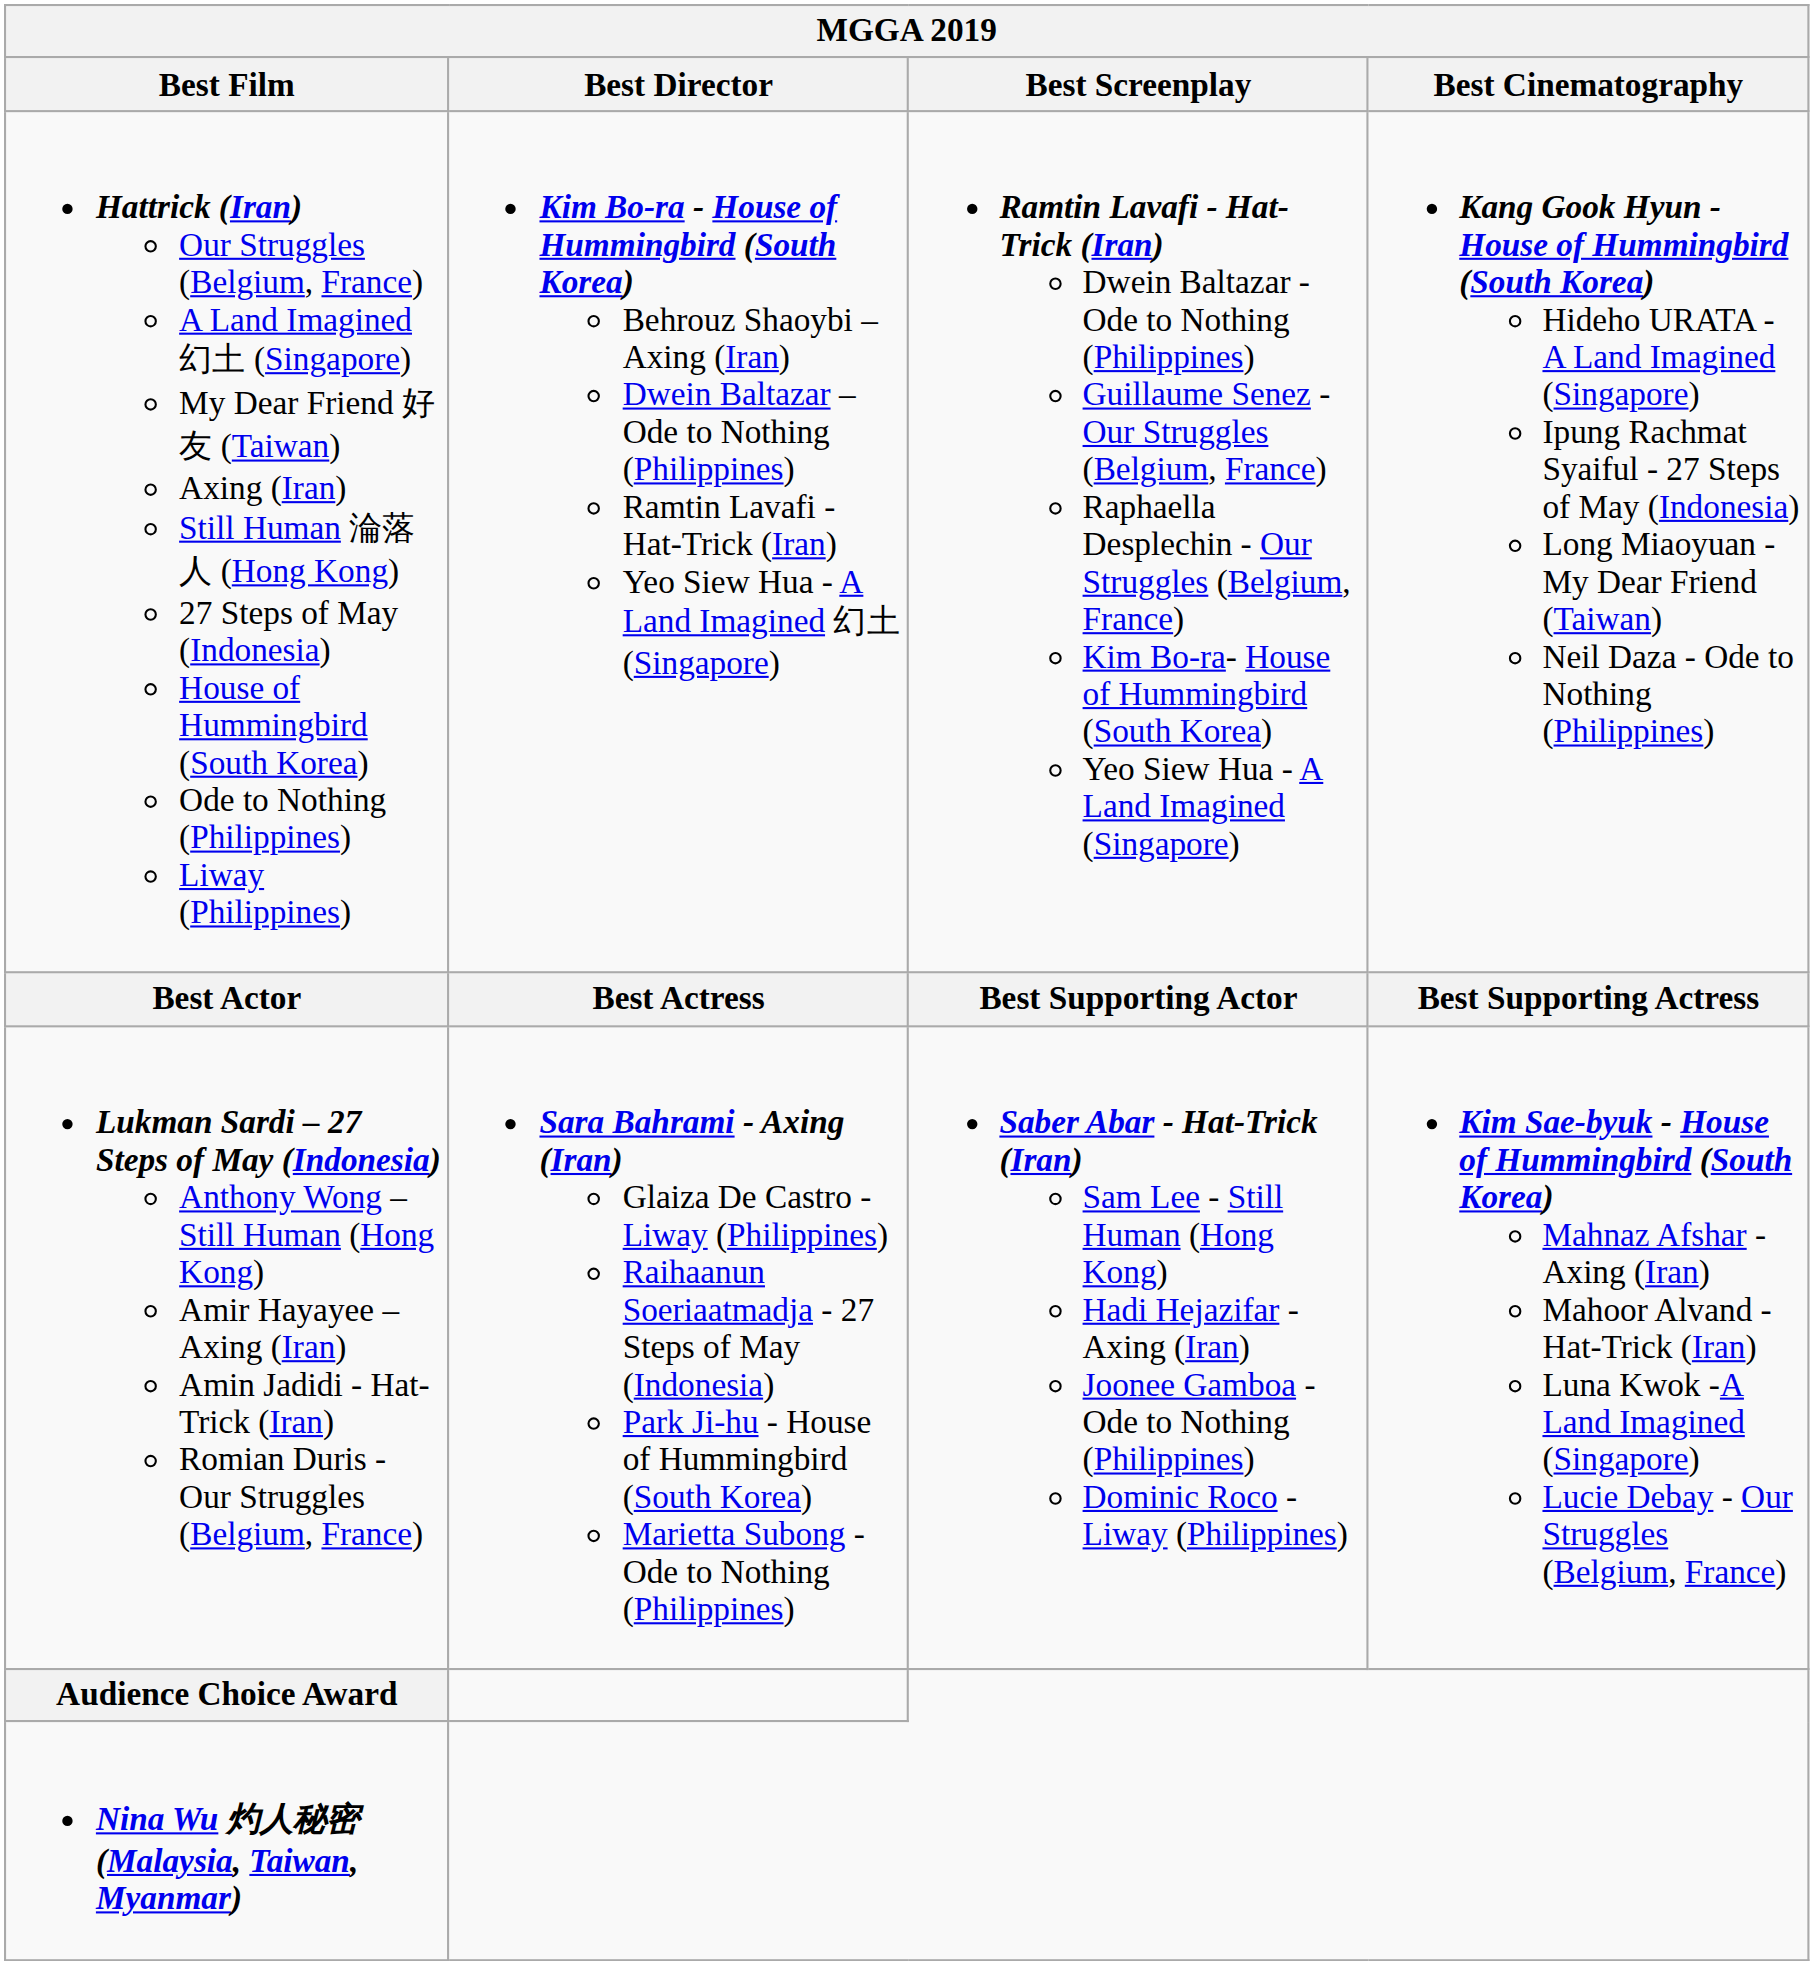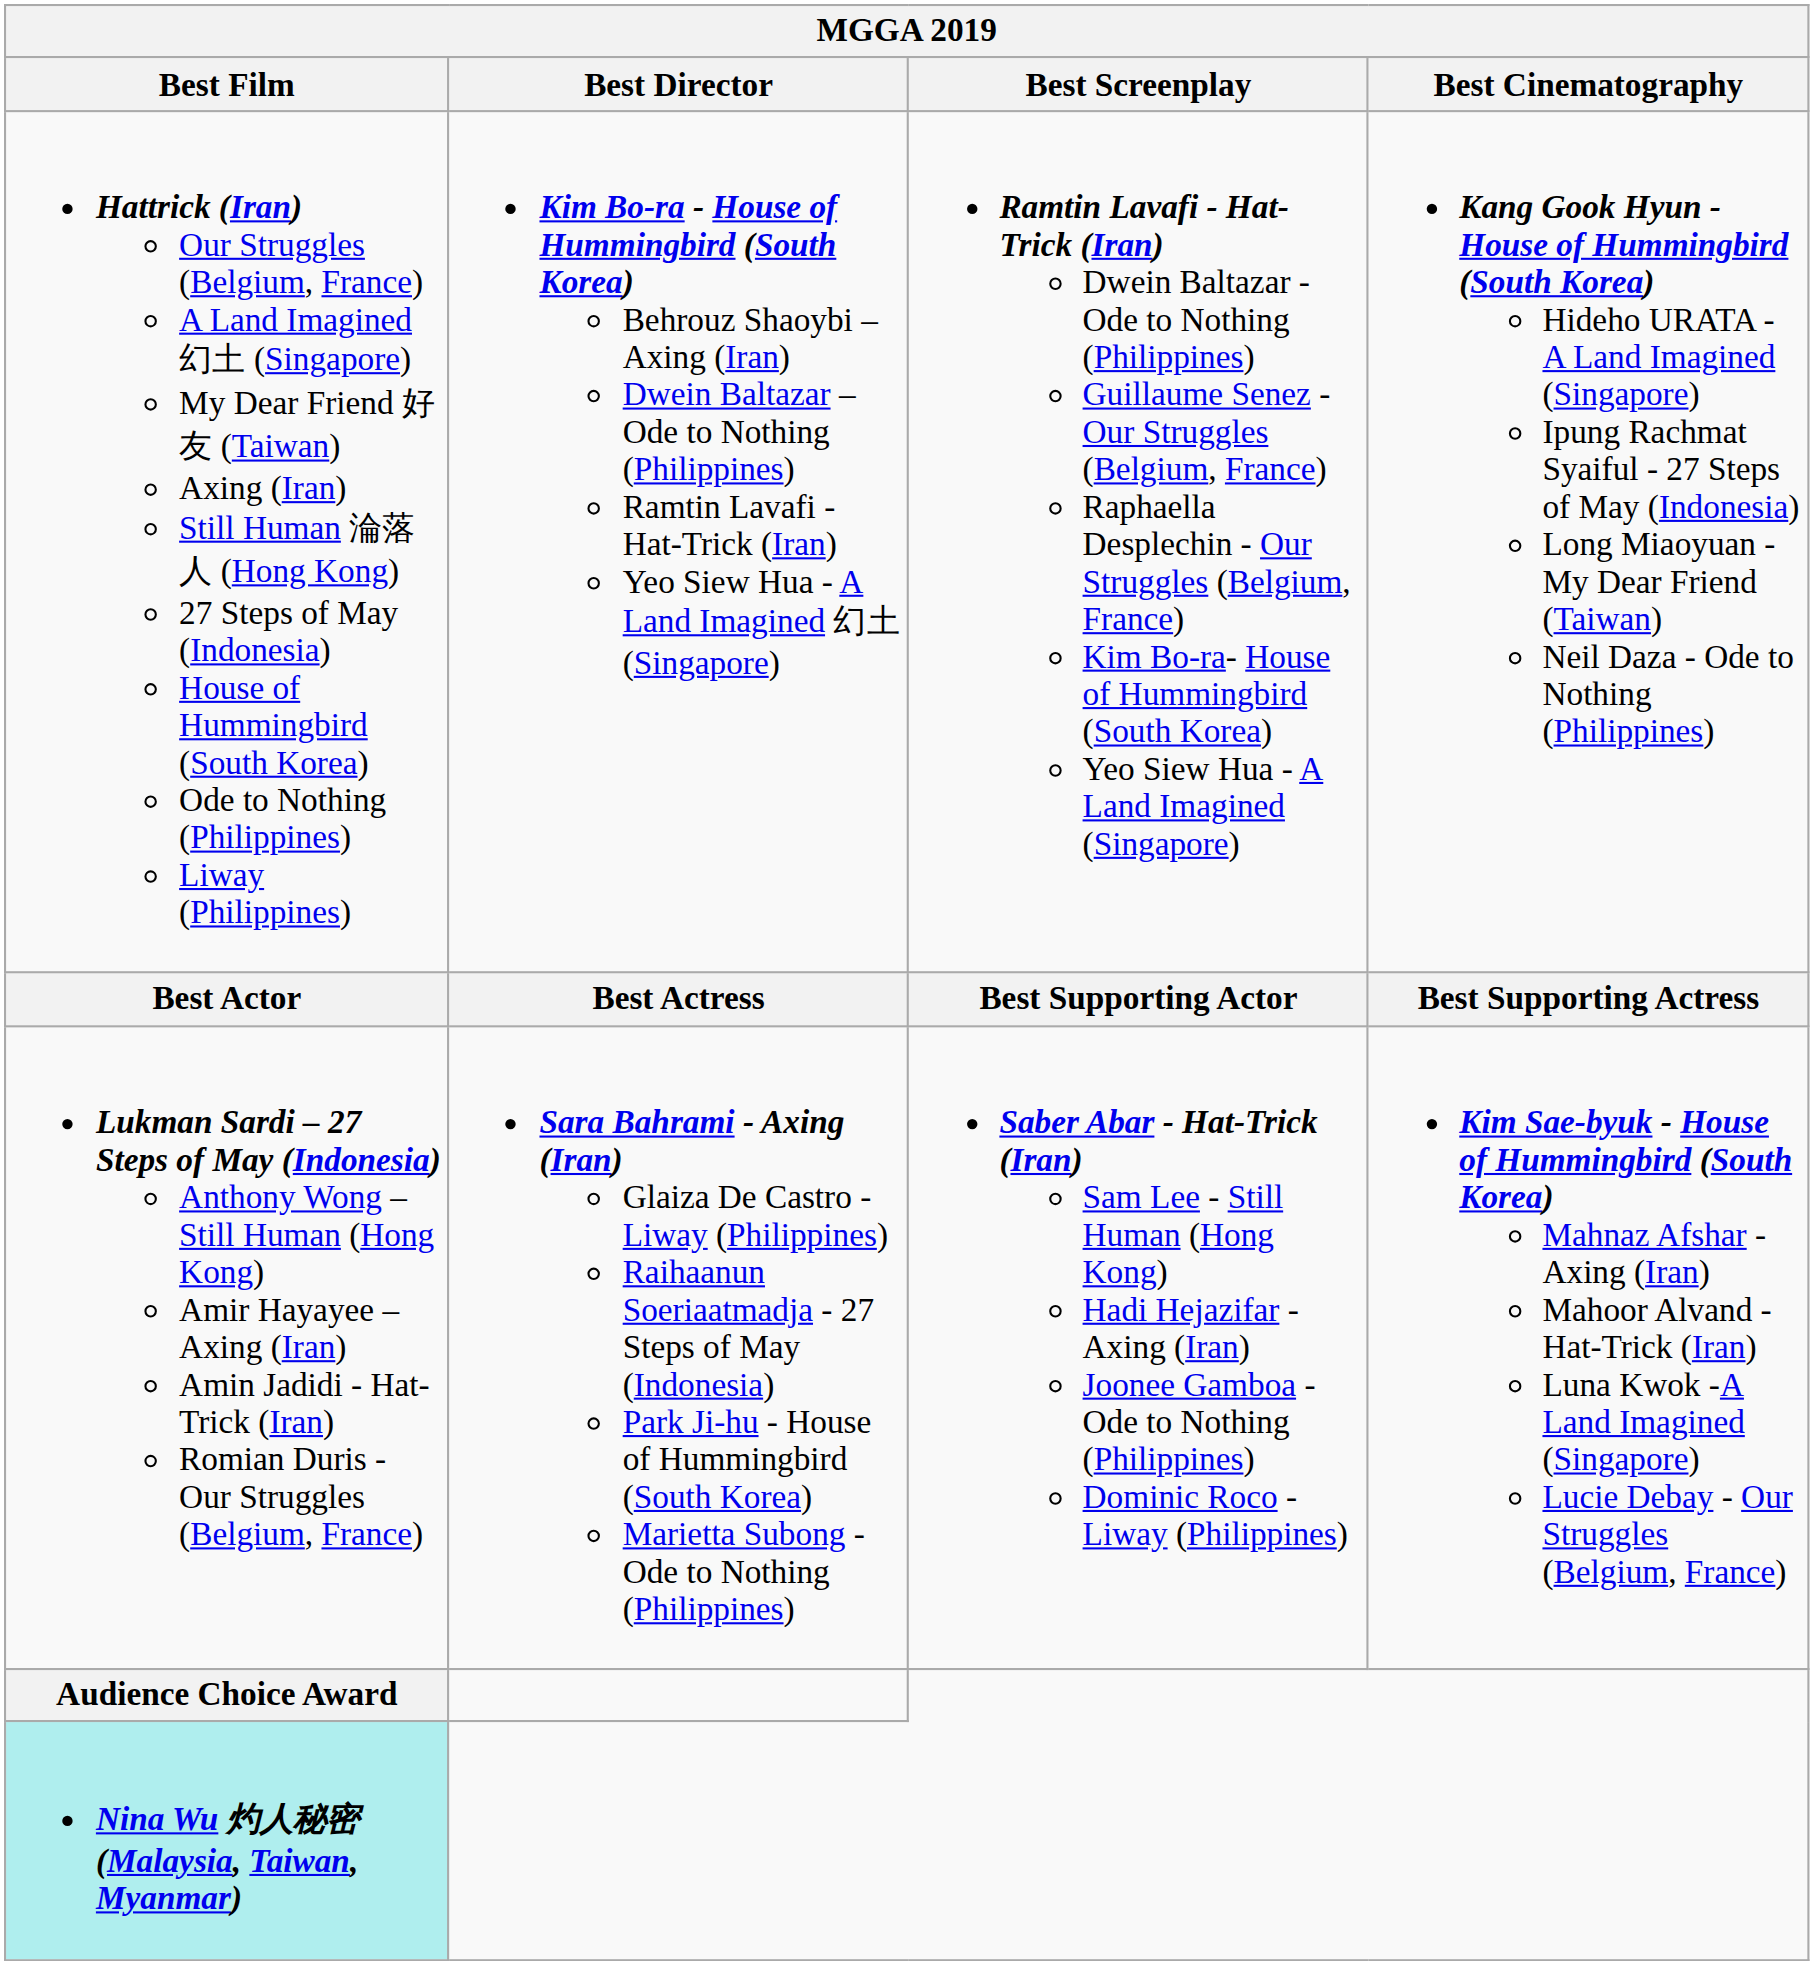 <table class=wikitable style="width=100%">
 <tr>
 <th colspan=4>MGGA 2019</th>
 </tr>
 <tr>
 <th style="width=50%">Best Film</th>
 <th style="width=50%">Best Director</th>
 <th style="width=50%">Best Screenplay</th>
 <th style="width=50%">Best Cinematography</th>
 </tr>
 <tr>
 <td valign="top"><br><ul><li><strong><em>Hattrick (<a href='#'>Iran</a>)</em></strong><ul><li><a href='#'>Our Struggles</a> (<a href='#'>Belgium</a>, <a href='#'>France</a>)</li><li><a href='#'>A Land Imagined</a> 幻土 (<a href='#'>Singapore</a>)</li><li>My Dear Friend 好友 (<a href='#'>Taiwan</a>)</li><li>Axing (<a href='#'>Iran</a>)</li><li><a href='#'>Still Human</a> 淪落人 (<a href='#'>Hong Kong</a>)</li><li>27 Steps of May (<a href='#'>Indonesia</a>)</li><li><a href='#'>House of Hummingbird</a> (<a href='#'>South Korea</a>)</li><li>Ode to Nothing (<a href='#'>Philippines</a>)</li><li><a href='#'>Liway</a> (<a href='#'>Philippines</a>)</li></ul></li></ul></td>
 <td valign="top"><br><ul><li><strong><em><a href='#'>Kim Bo-ra</a> - <a href='#'>House of Hummingbird</a> (<a href='#'>South Korea</a>)</em></strong><ul><li>Behrouz Shaoybi – Axing (<a href='#'>Iran</a>)</li><li><a href='#'>Dwein Baltazar</a> – Ode to Nothing (<a href='#'>Philippines</a>)</li><li>Ramtin Lavafi - Hat-Trick (<a href='#'>Iran</a>)</li><li>Yeo Siew Hua - <a href='#'>A Land Imagined</a> 幻土 (<a href='#'>Singapore</a>)</li></ul></li></ul></td>
 <td valign="top"><br><ul><li><strong><em>Ramtin Lavafi - Hat-Trick (<a href='#'>Iran</a>)</em></strong><ul><li>Dwein Baltazar - Ode to Nothing (<a href='#'>Philippines</a>)</li><li><a href='#'>Guillaume Senez</a> - <a href='#'>Our Struggles</a> (<a href='#'>Belgium</a>, <a href='#'>France</a>)</li><li>Raphaella Desplechin - <a href='#'>Our Struggles</a> (<a href='#'>Belgium</a>, <a href='#'>France</a>)</li><li><a href='#'>Kim Bo-ra</a>-  <a href='#'>House of Hummingbird</a>  (<a href='#'>South Korea</a>)</li><li>Yeo Siew Hua - <a href='#'>A Land Imagined</a> (<a href='#'>Singapore</a>)</li></ul></li></ul></td>
 <td valign="top"><br><ul><li><strong><em> Kang Gook Hyun - <a href='#'>House of Hummingbird</a> (<a href='#'>South Korea</a>)</em></strong><ul><li>Hideho URATA - <a href='#'>A Land Imagined</a> (<a href='#'>Singapore</a>)</li><li>Ipung Rachmat Syaiful - 27 Steps of May (<a href='#'>Indonesia</a>)</li><li>Long Miaoyuan - My Dear Friend (<a href='#'>Taiwan</a>)</li><li>Neil Daza - Ode to Nothing (<a href='#'>Philippines</a>)</li></ul></li></ul></td>
 </tr>
 <tr>
 <th style="width=50%">Best Actor</th>
 <th style="width=50%">Best Actress</th>
 <th style="width=50%">Best Supporting Actor</th>
 <th style="width=50%">Best Supporting Actress</th>
 </tr>
 <tr>
 <td valign="top"><br><ul><li><strong><em>Lukman Sardi – 27 Steps of May (<a href='#'>Indonesia</a>)</em></strong><ul><li><a href='#'>Anthony Wong</a> – <a href='#'>Still Human</a> (<a href='#'>Hong Kong</a>)</li><li>Amir Hayayee – Axing (<a href='#'>Iran</a>)</li><li>Amin Jadidi - Hat-Trick (<a href='#'>Iran</a>)</li><li>Romian Duris - Our Struggles (<a href='#'>Belgium</a>, <a href='#'>France</a>)</li></ul></li></ul></td>
 <td valign="top"><br><ul><li><strong><em><a href='#'>Sara Bahrami</a> - Axing (<a href='#'>Iran</a>)</em></strong><ul><li>Glaiza De Castro - <a href='#'>Liway</a> (<a href='#'>Philippines</a>)</li><li><a href='#'> Raihaanun Soeriaatmadja</a> - 27 Steps of May (<a href='#'>Indonesia</a>)</li><li><a href='#'>Park Ji-hu</a> - House of Hummingbird (<a href='#'>South Korea</a>)</li><li><a href='#'>Marietta Subong</a> - Ode to Nothing (<a href='#'>Philippines</a>)</li></ul></li></ul></td>
 <td valign="top"><br><ul><li><strong><em><a href='#'>Saber Abar</a> - Hat-Trick (<a href='#'>Iran</a>)</em></strong><ul><li><a href='#'>Sam Lee</a> - <a href='#'>Still Human</a> (<a href='#'>Hong Kong</a>)</li><li><a href='#'>Hadi Hejazifar</a> - Axing (<a href='#'>Iran</a>)</li><li><a href='#'>Joonee Gamboa</a> - Ode to Nothing (<a href='#'>Philippines</a>)</li><li><a href='#'>Dominic Roco</a> - <a href='#'>Liway</a> (<a href='#'>Philippines</a>)</li></ul></li></ul></td>
 <td valign="top"><br><ul><li><strong><em><a href='#'>Kim Sae-byuk</a> - <a href='#'>House of Hummingbird</a> (<a href='#'>South Korea</a>)</em></strong><ul><li><a href='#'>Mahnaz Afshar</a> - Axing (<a href='#'>Iran</a>)</li><li>Mahoor Alvand - Hat-Trick (<a href='#'>Iran</a>)</li><li>Luna Kwok -<a href='#'>A Land Imagined</a> (<a href='#'>Singapore</a>)</li><li><a href='#'>Lucie Debay</a> - <a href='#'>Our Struggles</a> (<a href='#'>Belgium</a>, <a href='#'>France</a>)</li></ul></li></ul></td>
 </tr>
 <tr>
 <th style="width=50%">Audience Choice Award</th>
 <td></td>
 </tr>
 <tr>
-<td valign="top"><br><ul><li><strong><em> <a href='#'>Nina Wu</a> <em> 灼人秘密<br>(<a href='#'>Malaysia</a>, <a href='#'>Taiwan</a>, <a href='#'>Myanmar</a>)<strong></li></ul></td>
+<td valign="top" style="background: paleturquoise;"><br><ul><li><strong><em> <a href='#'>Nina Wu</a> <em> 灼人秘密<br>(<a href='#'>Malaysia</a>, <a href='#'>Taiwan</a>, <a href='#'>Myanmar</a>)<strong></li></ul></td>
 </tr>
 </table>
